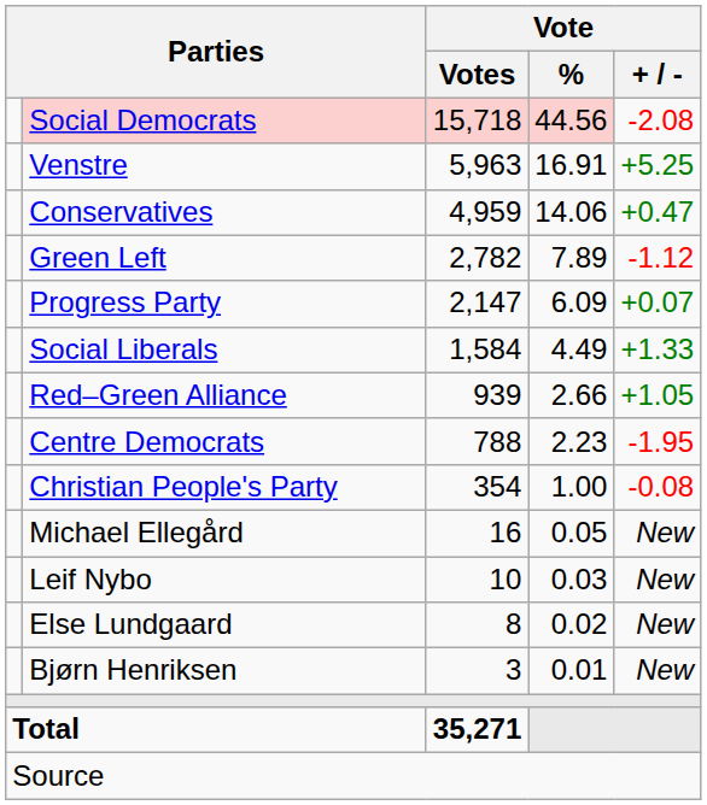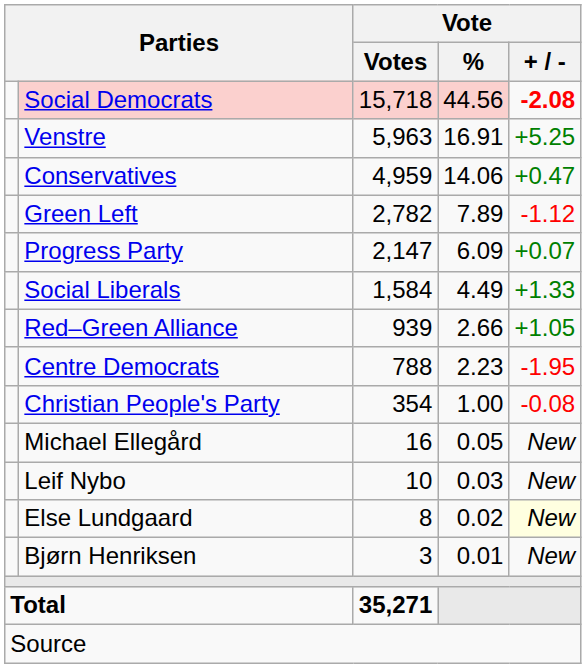 <table class="wikitable" style="text-align:right;">
 <tr>
 <th style="text-align:centre;" rowspan="2" colspan="2" width="225">Parties</th>
 <th colspan="3">Vote</th>
 </tr>
 <tr>
 <th width="15">Votes</th>
 <th width="15">%</th>
 <th width="15">+ / -</th>
 </tr>
 <tr>
 <td width="2" style="color:inherit;background:"></td>
 <td bgcolor=#fbd0ce  align="left"><a href='#'>Social Democrats</a></td>
 <td bgcolor=#fbd0ce>15,718</td>
 <td bgcolor=#fbd0ce>44.56</td>
-<td style=color:red;>-2.08</td>
+<td style=color:red;><strong>-2.08</strong></td>
 </tr>
 <tr>
 <td width="2" style="color:inherit;background:"></td>
 <td align="left"><a href='#'>Venstre</a></td>
 <td>5,963</td>
 <td>16.91</td>
 <td style=color:green;>+5.25</td>
 </tr>
 <tr>
 <td width="2" style="color:inherit;background:"></td>
 <td align="left"><a href='#'>Conservatives</a></td>
 <td>4,959</td>
 <td>14.06</td>
 <td style=color:green;>+0.47</td>
 </tr>
 <tr>
 <td width="2" style="color:inherit;background:"></td>
 <td align="left"><a href='#'>Green Left</a></td>
 <td>2,782</td>
 <td>7.89</td>
 <td style=color:red;>-1.12</td>
 </tr>
 <tr>
 <td width="2" style="color:inherit;background:"></td>
 <td align="left"><a href='#'>Progress Party</a></td>
 <td>2,147</td>
 <td>6.09</td>
 <td style=color:green;>+0.07</td>
 </tr>
 <tr>
 <td width="2" style="color:inherit;background:"></td>
 <td align="left"><a href='#'>Social Liberals</a></td>
 <td>1,584</td>
 <td>4.49</td>
 <td style=color:green;>+1.33</td>
 </tr>
 <tr>
 <td width="2" style="color:inherit;background:"></td>
 <td align="left"><a href='#'>Red–Green Alliance</a></td>
 <td>939</td>
 <td>2.66</td>
 <td style=color:green;>+1.05</td>
 </tr>
 <tr>
 <td width="2" style="color:inherit;background:"></td>
 <td align="left"><a href='#'>Centre Democrats</a></td>
 <td>788</td>
 <td>2.23</td>
 <td style=color:red;>-1.95</td>
 </tr>
 <tr>
 <td width="2" style="color:inherit;background:"></td>
 <td align="left"><a href='#'>Christian People's Party</a></td>
 <td>354</td>
 <td>1.00</td>
 <td style=color:red;>-0.08</td>
 </tr>
 <tr>
 <td width="2" style="color:inherit;background:"></td>
 <td align="left">Michael Ellegård</td>
 <td>16</td>
 <td>0.05</td>
 <td><em>New</em></td>
 </tr>
 <tr>
 <td width="2" style="color:inherit;background:"></td>
 <td align="left">Leif Nybo</td>
 <td>10</td>
 <td>0.03</td>
 <td><em>New</em></td>
 </tr>
 <tr>
 <td width="2" style="color:inherit;background:"></td>
 <td align="left">Else Lundgaard</td>
 <td>8</td>
 <td>0.02</td>
-<td><em>New</em></td>
+<td style="background: lightyellow;"><em>New</em></td>
 </tr>
 <tr>
 <td width="2" style="color:inherit;background:"></td>
 <td align="left">Bjørn Henriksen</td>
 <td>3</td>
 <td>0.01</td>
 <td><em>New</em></td>
 </tr>
 <tr>
 <td colspan="7" bgcolor="#E9E9E9"></td>
 </tr>
 <tr>
 <td align="left" colspan="2"><strong>Total</strong></td>
 <td><strong>35,271</strong></td>
 <td bgcolor="#E9E9E9" colspan="2"></td>
 </tr>
 <tr>
 <td align="left" colspan="6">Source</td>
 </tr>
 </table>
